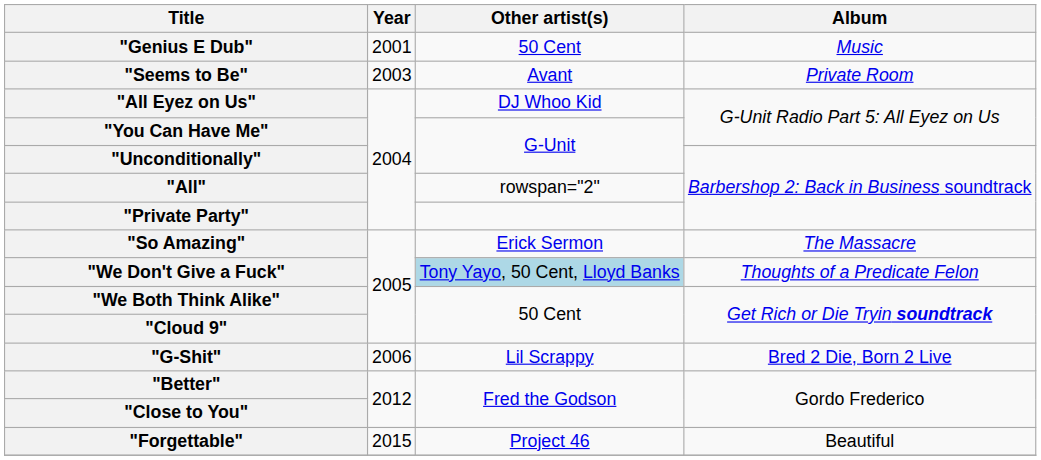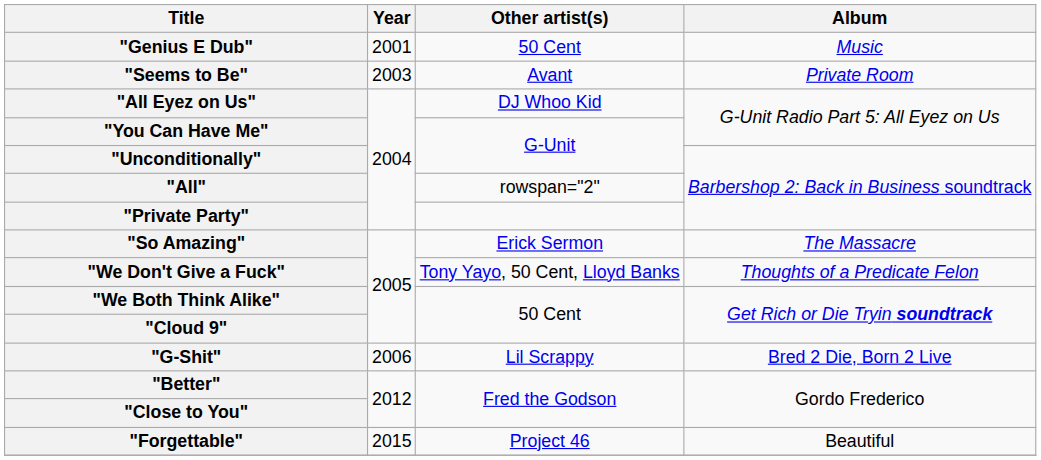 <table class="wikitable plainrowheaders" style="text-align:center;">
 <tr>
 <th scope="col" style="width:20em;">Title</th>
 <th scope="col">Year</th>
 <th scope="col">Other artist(s)</th>
 <th scope="col">Album</th>
 </tr>
 <tr>
 <th scope="row">"Genius E Dub"</th>
 <td>2001</td>
 <td><a href='#'>50 Cent</a></td>
 <td><em><a href='#'>Music</a></em></td>
 </tr>
 <tr>
 <th scope="row">"Seems to Be"</th>
 <td>2003</td>
 <td><a href='#'>Avant</a></td>
 <td><em><a href='#'>Private Room</a></em></td>
 </tr>
 <tr>
 <th scope="row">"All Eyez on Us"</th>
 <td rowspan="5">2004</td>
 <td><a href='#'>DJ Whoo Kid</a></td>
 <td rowspan="2"><em>G-Unit Radio Part 5: All Eyez on Us</em></td>
 </tr>
 <tr>
 <th scope="row">"You Can Have Me"</th>
 <td rowspan="2"><a href='#'>G-Unit</a></td>
 </tr>
 <tr>
 <th scope="row">"Unconditionally"</th>
 <td rowspan="3"><a href='#'><em>Barbershop 2: Back in Business</em> soundtrack</a></td>
 </tr>
 <tr>
 <th scope="row">"All"</th>
 <td>rowspan="2" </td>
 </tr>
 <tr>
 <th scope="row">"Private Party"</th>
 </tr>
 <tr>
 <th scope="row">"So Amazing"</th>
 <td rowspan="4">2005</td>
 <td><a href='#'>Erick Sermon</a></td>
 <td><em><a href='#'>The Massacre</a></em></td>
 </tr>
 <tr>
 <th scope="row">"We Don't Give a Fuck"</th>
-<td style="background: lightblue;"><a href='#'>Tony Yayo</a>, 50 Cent, <a href='#'>Lloyd Banks</a></td>
+<td><a href='#'>Tony Yayo</a>, 50 Cent, <a href='#'>Lloyd Banks</a></td>
 <td><em><a href='#'>Thoughts of a Predicate Felon</a></em></td>
 </tr>
 <tr>
 <th scope="row">"We Both Think Alike"</th>
 <td rowspan="2">50 Cent</td>
 <td rowspan="2"><a href='#'><em>Get Rich or Die Tryin<strong> soundtrack</a></td>
 </tr>
 <tr>
 <th scope="row">"Cloud 9"</th>
 </tr>
 <tr>
 <th scope="row">"G-Shit"</th>
 <td>2006</td>
 <td><a href='#'>Lil Scrappy</a></td>
 <td></em><a href='#'>Bred 2 Die, Born 2 Live</a><em></td>
 </tr>
 <tr>
 <th scope="row">"Better"</th>
 <td rowspan="2">2012</td>
 <td rowspan="2"><a href='#'>Fred the Godson</a></td>
 <td rowspan="2"></em>Gordo Frederico<em></td>
 </tr>
 <tr>
 <th scope="row">"Close to You"</th>
 </tr>
 <tr>
 <th scope="row">"Forgettable"</th>
 <td>2015</td>
 <td><a href='#'>Project 46</a></td>
 <td></em>Beautiful<em></td>
 </tr>
 <tr>
 </tr>
 </table>
